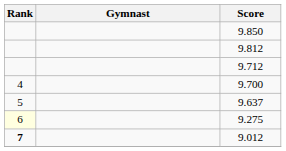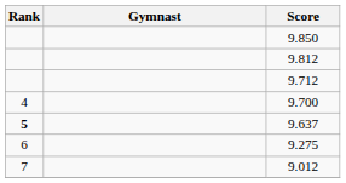 <table class="wikitable" style="text-align:center">
 <tr>
 <th>Rank</th>
 <th style="width:16em">Gymnast</th>
 <th style="width:5em">Score</th>
 </tr>
 <tr>
 <td></td>
 <td align=left></td>
 <td>9.850</td>
 </tr>
 <tr>
 <td></td>
 <td align=left></td>
 <td>9.812</td>
 </tr>
 <tr>
 <td></td>
 <td align=left></td>
 <td>9.712</td>
 </tr>
 <tr>
 <td>4</td>
 <td align=left></td>
 <td>9.700</td>
 </tr>
 <tr>
-<td>5</td>
+<td><strong>5</strong></td>
 <td align=left></td>
 <td>9.637</td>
 </tr>
 <tr>
-<td style="background: lightyellow;">6</td>
+<td>6</td>
 <td align=left></td>
 <td>9.275</td>
 </tr>
 <tr>
-<td><strong>7</strong></td>
+<td>7</td>
 <td align=left></td>
 <td>9.012</td>
 </tr>
 <tr>
 </tr>
 </table>
